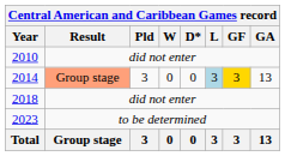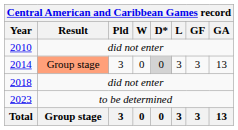 <table class="wikitable" style="text-align: center;">
 <tr>
 <th colspan=8><a href='#'>Central American and Caribbean Games</a> record</th>
 </tr>
 <tr>
 <th>Year</th>
 <th>Result</th>
 <th>Pld</th>
 <th>W</th>
 <th>D*</th>
 <th>L</th>
 <th>GF</th>
 <th>GA</th>
 </tr>
 <tr>
 <td> <a href='#'>2010</a></td>
 <td colspan=7><em>did not enter</em></td>
 </tr>
 <tr>
 <td> <a href='#'>2014</a></td>
 <td style="background: lightsalmon;">Group stage</td>
 <td>3</td>
 <td>0</td>
-<td>0</td>
-<td style="background: lightblue;">3</td>
-<td style="background: gold;">3</td>
+<td style="background: lightgrey;">0</td>
+<td>3</td>
+<td>3</td>
 <td>13</td>
 </tr>
 <tr>
 <td> <a href='#'>2018</a></td>
 <td colspan=7><em>did not enter</em></td>
 </tr>
 <tr>
 <td> <a href='#'>2023</a></td>
 <td colspan=7><em>to be determined</em></td>
 </tr>
 <tr>
 <th>Total</th>
 <th>Group stage</th>
 <th>3</th>
 <th>0</th>
 <th>0</th>
 <th>3</th>
 <th>3</th>
 <th>13</th>
 </tr>
 </table>
